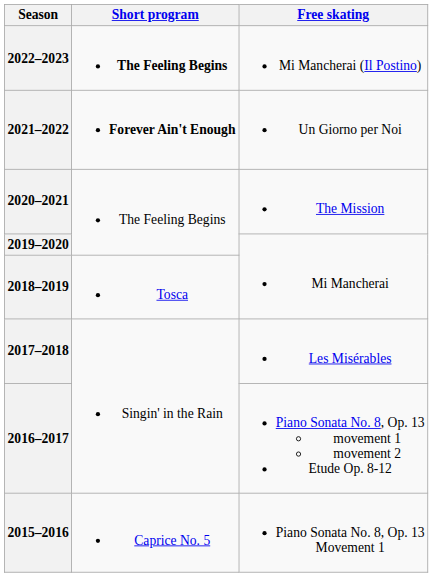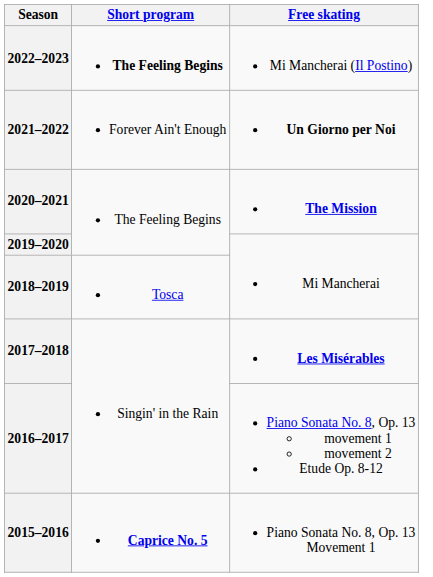 <table class=wikitable style=text-align:center>
 <tr>
 <th>Season</th>
 <th><a href='#'>Short program</a></th>
 <th><a href='#'>Free skating</a></th>
 </tr>
 <tr>
 <th>2022–2023</th>
 <td><strong><br><ul><li>The Feeling Begins <br></li></ul></strong></td>
 <td><br><ul><li>Mi Mancherai (<a href='#'>Il Postino</a>) <br></li></ul></td>
 </tr>
 <tr>
 <th>2021–2022</th>
-<td><strong><br><ul><li>Forever Ain't Enough <br><br></li></ul></strong></td>
-<td><br><ul><li>Un Giorno per Noi <br><br></li></ul></td>
+<td><br><ul><li>Forever Ain't Enough <br><br></li></ul></td>
+<td><strong><br><ul><li>Un Giorno per Noi <br><br></li></ul></strong></td>
 </tr>
 <tr>
 <th>2020–2021</th>
 <td rowspan=2><br><ul><li>The Feeling Begins <br></li></ul></td>
-<td><br><ul><li><a href='#'>The Mission</a> <br></li></ul></td>
+<td><strong><br><ul><li><a href='#'>The Mission</a> <br></li></ul></strong></td>
 </tr>
 <tr>
 <th>2019–2020 <br> </th>
 <td rowspan=2><br><ul><li>Mi Mancherai <br></li></ul></td>
 </tr>
 <tr>
 <th>2018–2019 <br></th>
 <td><br><ul><li><a href='#'>Tosca</a> <br></li></ul></td>
 </tr>
 <tr>
 <th>2017–2018 <br></th>
 <td rowspan=2><br><ul><li>Singin' in the Rain <br></li></ul></td>
-<td><br><ul><li><a href='#'>Les Misérables</a> <br></li></ul></td>
+<td><strong><br><ul><li><a href='#'>Les Misérables</a> <br></li></ul></strong></td>
 </tr>
 <tr>
 <th>2016–2017 <br></th>
 <td><br><ul><li><a href='#'>Piano Sonata No. 8</a>, Op. 13 <br><ul><li>movement 1</li><li>movement 2</li></ul></li><li>Etude Op. 8-12 <br></li></ul></td>
 </tr>
 <tr>
 <th>2015–2016 <br></th>
-<td><br><ul><li><a href='#'>Caprice No. 5</a> <br></li></ul></td>
+<td><strong><br><ul><li><a href='#'>Caprice No. 5</a> <br></li></ul></strong></td>
 <td><br><ul><li>Piano Sonata No. 8, Op. 13 <br> Movement 1 <br></li></ul></td>
 </tr>
 </table>
